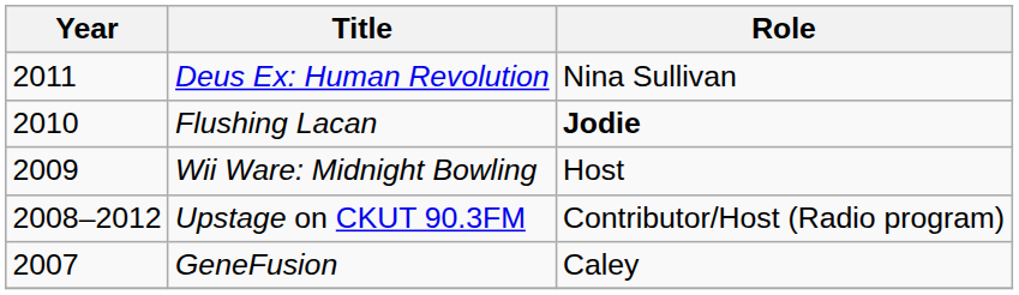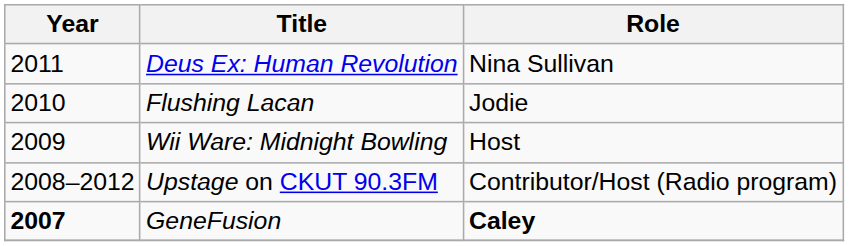 <table class="wikitable sortable">
 <tr>
 <th>Year</th>
 <th>Title</th>
 <th>Role</th>
 </tr>
 <tr>
 <td>2011</td>
 <td><em><a href='#'>Deus Ex: Human Revolution</a></em></td>
 <td>Nina Sullivan</td>
 </tr>
 <tr>
 <td>2010</td>
 <td><em>Flushing Lacan</em></td>
-<td><strong>Jodie</strong></td>
+<td>Jodie</td>
 </tr>
 <tr>
 <td>2009</td>
 <td><em>Wii Ware: Midnight Bowling</em></td>
 <td>Host</td>
 </tr>
 <tr>
 <td>2008–2012</td>
 <td><em>Upstage</em> on <a href='#'>CKUT 90.3FM</a></td>
 <td>Contributor/Host (Radio program)</td>
 </tr>
 <tr>
-<td>2007</td>
+<td><strong>2007</strong></td>
 <td><em>GeneFusion</em></td>
-<td>Caley</td>
+<td><strong>Caley</strong></td>
 </tr>
 <tr>
 </tr>
 </table>
